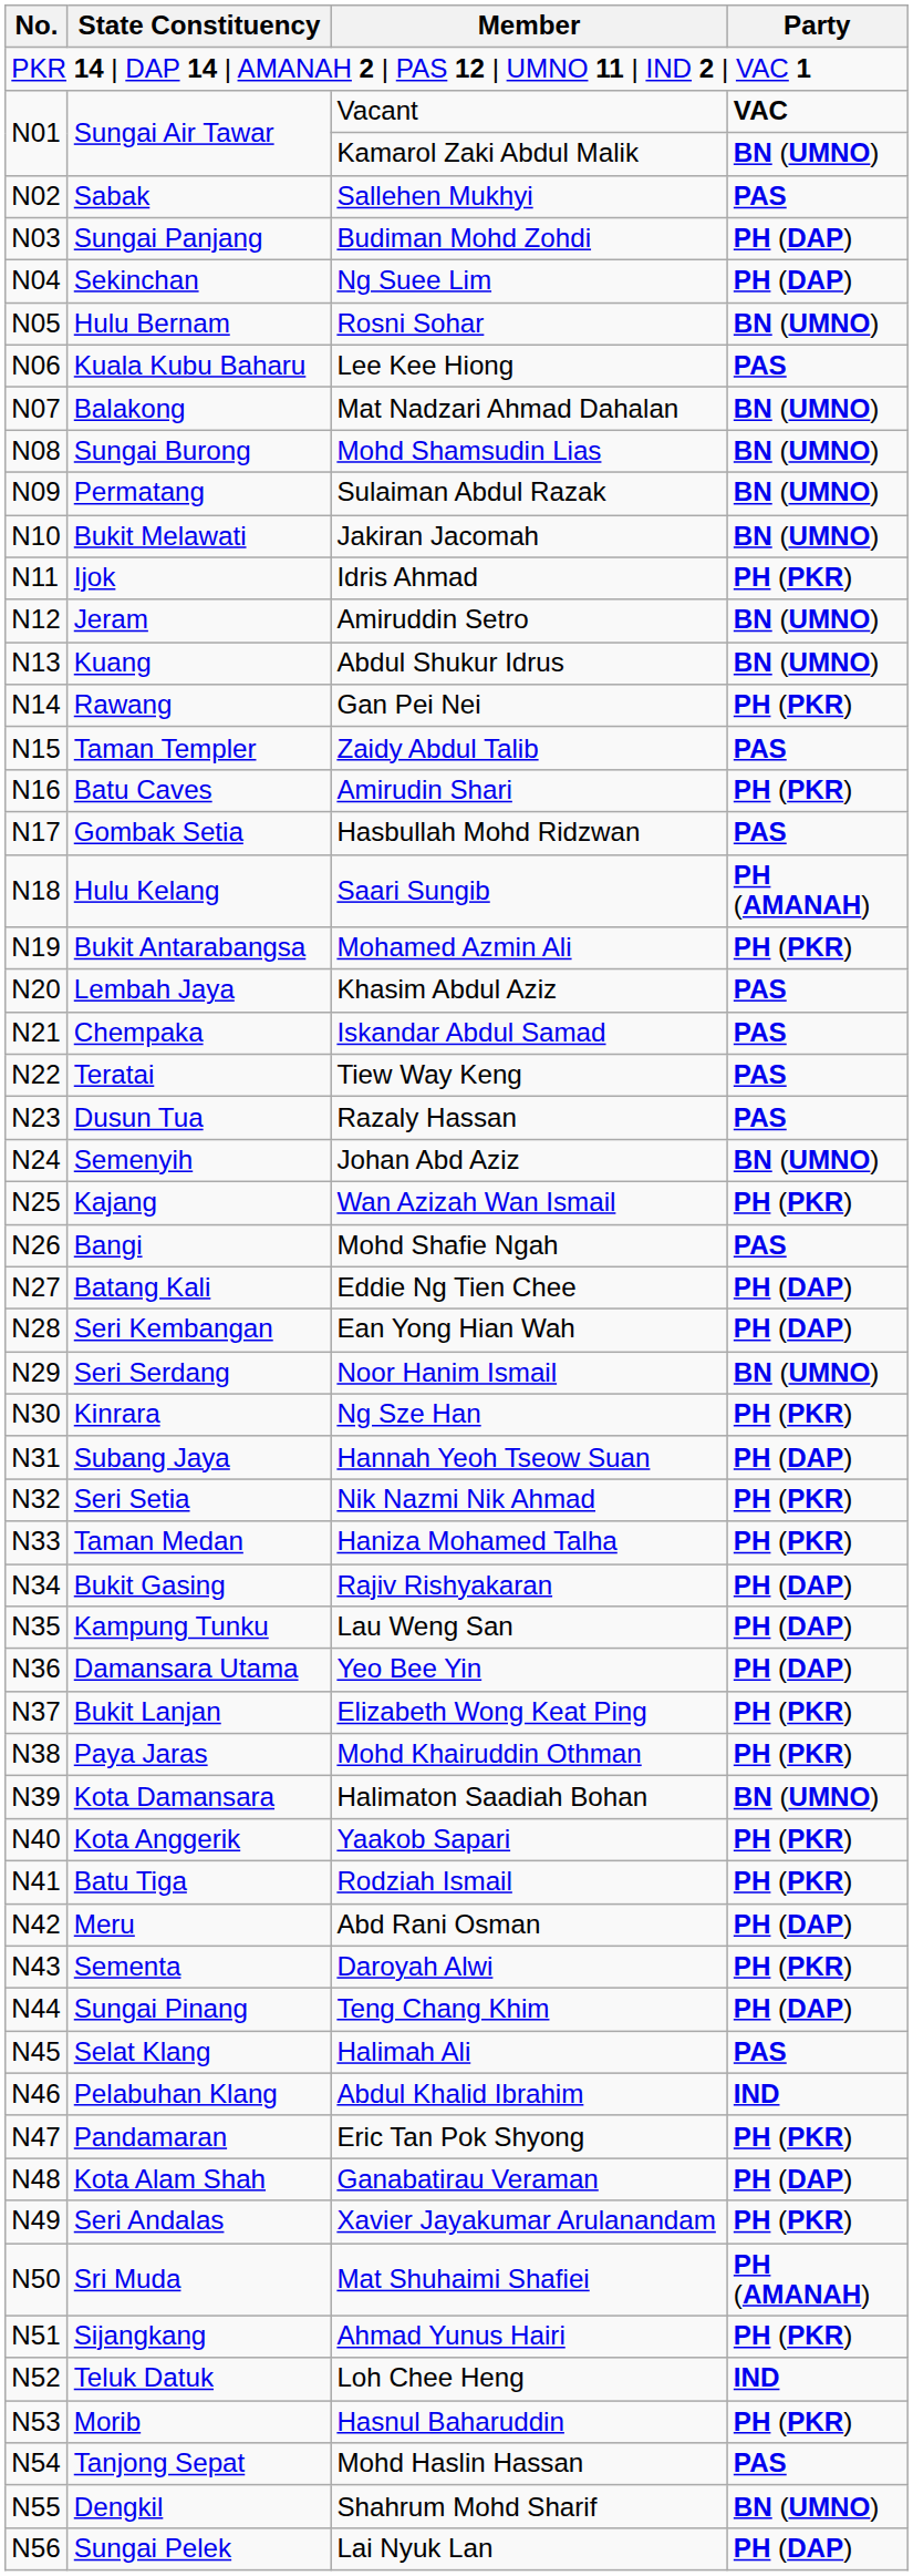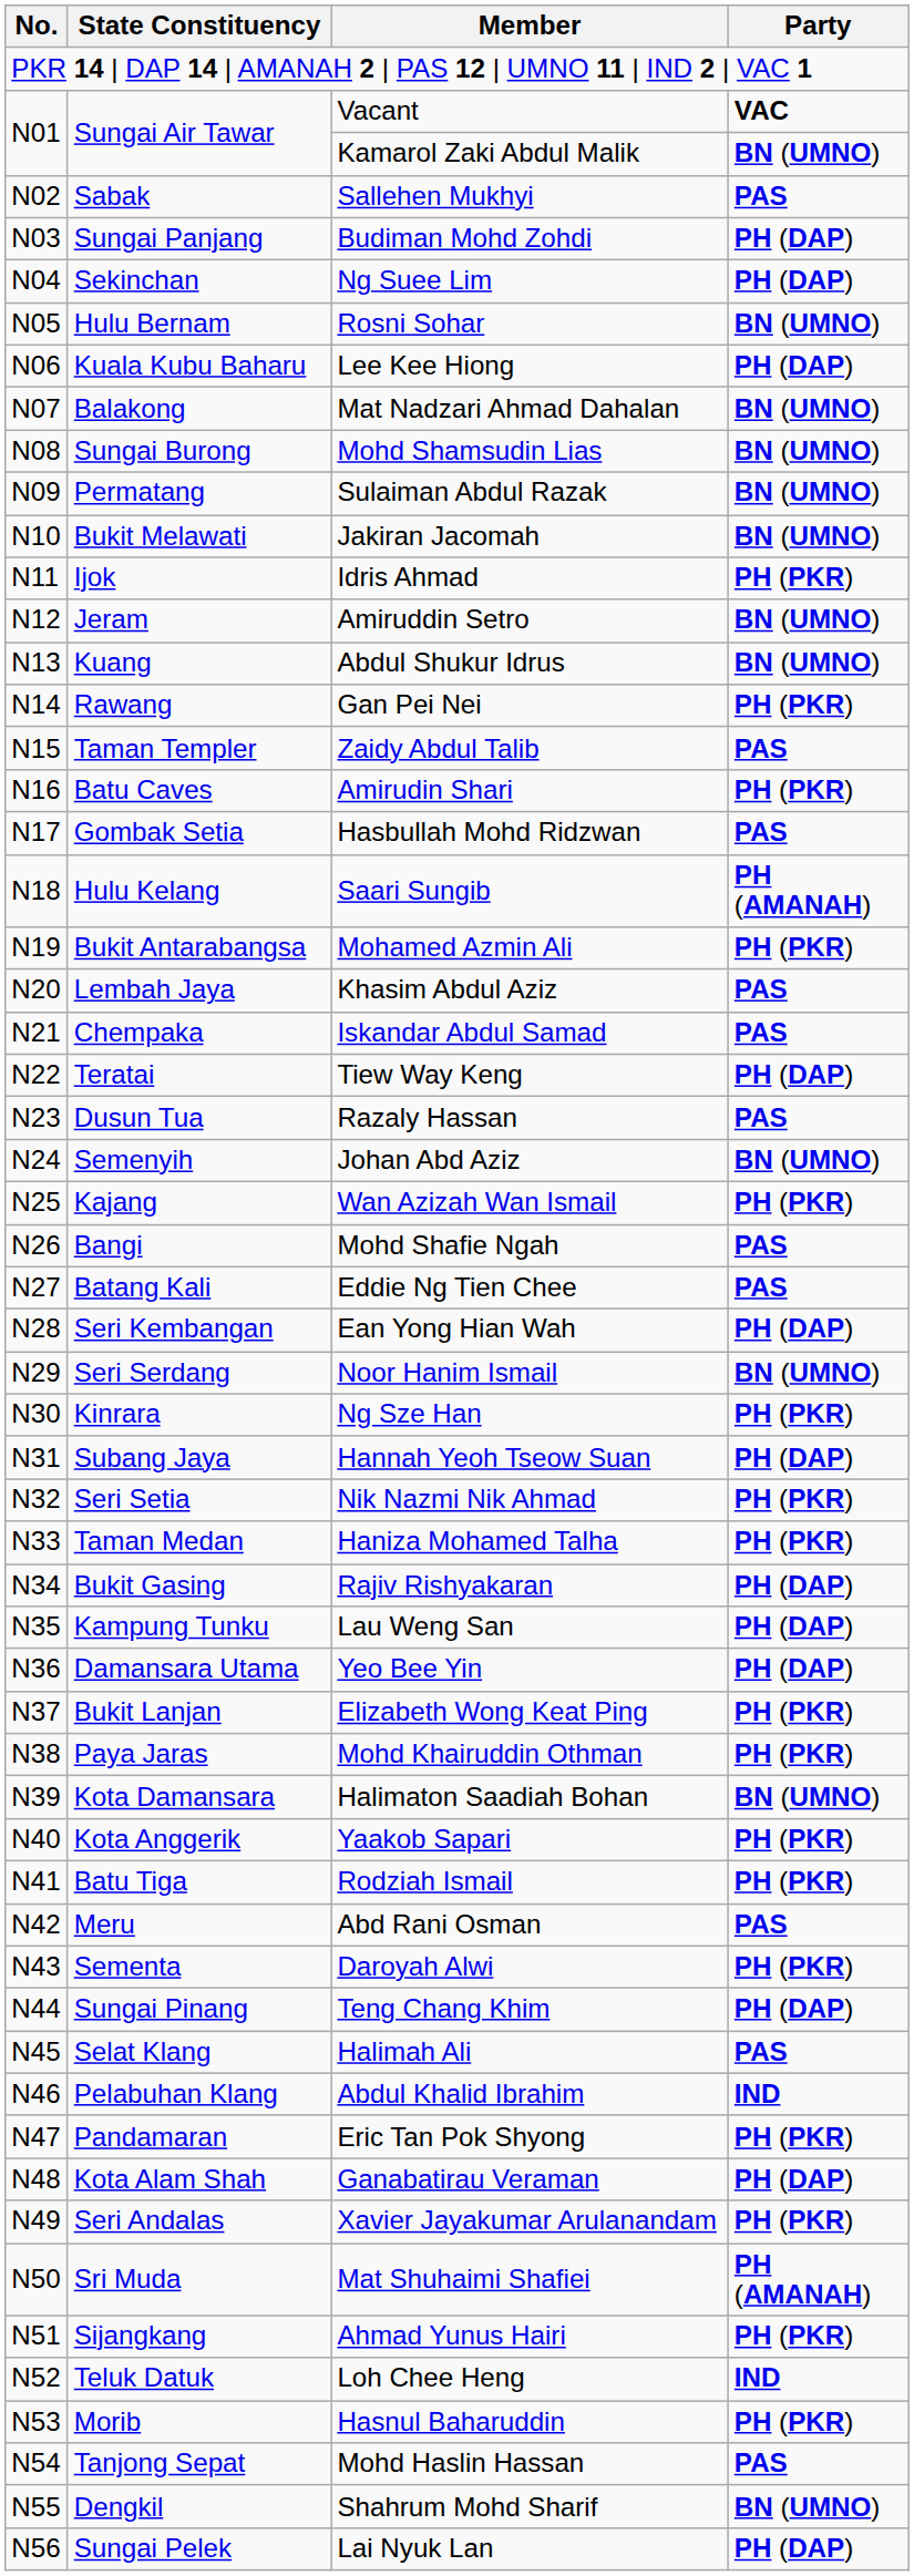 <table class="wikitable sortable">
 <tr>
 <th style="width:30px;">No.</th>
 <th style="width:150px;">State Constituency</th>
 <th style="width:230px;">Member</th>
 <th style="width:100px;">Party</th>
 </tr>
 <tr>
 <td colspan="4"><a href='#'>PKR</a> <strong>14</strong> | <a href='#'>DAP</a> <strong>14</strong> | <a href='#'>AMANAH</a> <strong>2</strong> | <a href='#'>PAS</a> <strong>12</strong> | <a href='#'>UMNO</a> <strong>11</strong>  | <a href='#'>IND</a> <strong>2</strong> | <a href='#'>VAC</a> <strong>1</strong></td>
 </tr>
 <tr>
 <td rowspan=2>N01</td>
 <td rowspan=2><a href='#'>Sungai Air Tawar</a></td>
 <td>Vacant  </td>
 <td><strong>VAC</strong></td>
 </tr>
 <tr>
 <td>Kamarol Zaki Abdul Malik  </td>
 <td><strong><a href='#'>BN</a></strong> (<strong><a href='#'>UMNO</a></strong>)</td>
 </tr>
 <tr>
 <td>N02</td>
 <td><a href='#'>Sabak</a></td>
 <td><a href='#'>Sallehen Mukhyi</a></td>
 <td><strong><a href='#'>PAS</a></strong></td>
 </tr>
 <tr>
 <td>N03</td>
 <td><a href='#'>Sungai Panjang</a></td>
 <td><a href='#'>Budiman Mohd Zohdi</a></td>
 <td><strong><a href='#'>PH</a></strong> (<strong><a href='#'>DAP</a></strong>)</td>
 </tr>
 <tr>
 <td>N04</td>
 <td><a href='#'>Sekinchan</a></td>
 <td><a href='#'>Ng Suee Lim</a></td>
 <td><strong><a href='#'>PH</a></strong> (<strong><a href='#'>DAP</a></strong>)</td>
 </tr>
 <tr>
 <td>N05</td>
 <td><a href='#'>Hulu Bernam</a></td>
 <td><a href='#'>Rosni Sohar</a></td>
 <td><strong><a href='#'>BN</a></strong> (<strong><a href='#'>UMNO</a></strong>)</td>
 </tr>
 <tr>
 <td>N06</td>
 <td><a href='#'>Kuala Kubu Baharu</a></td>
 <td>Lee Kee Hiong</td>
-<td><strong><a href='#'>PAS</a></strong></td>
+<td><strong><a href='#'>PH</a></strong> (<strong><a href='#'>DAP</a></strong>)</td>
 </tr>
 <tr>
 <td>N07</td>
 <td><a href='#'>Balakong</a></td>
 <td>Mat Nadzari Ahmad Dahalan</td>
 <td><strong><a href='#'>BN</a></strong> (<strong><a href='#'>UMNO</a></strong>)</td>
 </tr>
 <tr>
 <td>N08</td>
 <td><a href='#'>Sungai Burong</a></td>
 <td><a href='#'>Mohd Shamsudin Lias</a></td>
 <td><strong><a href='#'>BN</a></strong> (<strong><a href='#'>UMNO</a></strong>)</td>
 </tr>
 <tr>
 <td>N09</td>
 <td><a href='#'>Permatang</a></td>
 <td>Sulaiman Abdul Razak</td>
 <td><strong><a href='#'>BN</a></strong> (<strong><a href='#'>UMNO</a></strong>)</td>
 </tr>
 <tr>
 <td>N10</td>
 <td><a href='#'>Bukit Melawati</a></td>
 <td>Jakiran Jacomah</td>
 <td><strong><a href='#'>BN</a></strong> (<strong><a href='#'>UMNO</a></strong>)</td>
 </tr>
 <tr>
 <td>N11</td>
 <td><a href='#'>Ijok</a></td>
 <td>Idris Ahmad</td>
 <td><strong><a href='#'>PH</a></strong> (<strong><a href='#'>PKR</a></strong>)</td>
 </tr>
 <tr>
 <td>N12</td>
 <td><a href='#'>Jeram</a></td>
 <td>Amiruddin Setro</td>
 <td><strong><a href='#'>BN</a></strong> (<strong><a href='#'>UMNO</a></strong>)</td>
 </tr>
 <tr>
 <td>N13</td>
 <td><a href='#'>Kuang</a></td>
 <td>Abdul Shukur Idrus</td>
 <td><strong><a href='#'>BN</a></strong> (<strong><a href='#'>UMNO</a></strong>)</td>
 </tr>
 <tr>
 <td>N14</td>
 <td><a href='#'>Rawang</a></td>
 <td>Gan Pei Nei</td>
 <td><strong><a href='#'>PH</a></strong> (<strong><a href='#'>PKR</a></strong>)</td>
 </tr>
 <tr>
 <td>N15</td>
 <td><a href='#'>Taman Templer</a></td>
 <td><a href='#'>Zaidy Abdul Talib</a></td>
 <td><strong><a href='#'>PAS</a></strong></td>
 </tr>
 <tr>
 <td>N16</td>
 <td><a href='#'>Batu Caves</a></td>
 <td><a href='#'>Amirudin Shari</a></td>
 <td><strong><a href='#'>PH</a></strong> (<strong><a href='#'>PKR</a></strong>)</td>
 </tr>
 <tr>
 <td>N17</td>
 <td><a href='#'>Gombak Setia</a></td>
 <td>Hasbullah Mohd Ridzwan</td>
 <td><strong><a href='#'>PAS</a></strong></td>
 </tr>
 <tr>
 <td>N18</td>
 <td><a href='#'>Hulu Kelang</a></td>
 <td><a href='#'>Saari Sungib</a></td>
 <td><strong><a href='#'>PH</a></strong> (<strong><a href='#'>AMANAH</a></strong>)</td>
 </tr>
 <tr>
 <td>N19</td>
 <td><a href='#'>Bukit Antarabangsa</a></td>
 <td><a href='#'>Mohamed Azmin Ali</a></td>
 <td><strong><a href='#'>PH</a></strong> (<strong><a href='#'>PKR</a></strong>)</td>
 </tr>
 <tr>
 <td>N20</td>
 <td><a href='#'>Lembah Jaya</a></td>
 <td>Khasim Abdul Aziz</td>
 <td><strong><a href='#'>PAS</a></strong></td>
 </tr>
 <tr>
 <td>N21</td>
 <td><a href='#'>Chempaka</a></td>
 <td><a href='#'>Iskandar Abdul Samad</a></td>
 <td><strong><a href='#'>PAS</a></strong></td>
 </tr>
 <tr>
 <td>N22</td>
 <td><a href='#'>Teratai</a></td>
 <td>Tiew Way Keng</td>
-<td><strong><a href='#'>PAS</a></strong></td>
+<td><strong><a href='#'>PH</a></strong> (<strong><a href='#'>DAP</a></strong>)</td>
 </tr>
 <tr>
 <td>N23</td>
 <td><a href='#'>Dusun Tua</a></td>
 <td>Razaly Hassan</td>
 <td><strong><a href='#'>PAS</a></strong></td>
 </tr>
 <tr>
 <td>N24</td>
 <td><a href='#'>Semenyih</a></td>
 <td>Johan Abd Aziz</td>
 <td><strong><a href='#'>BN</a></strong> (<strong><a href='#'>UMNO</a></strong>)</td>
 </tr>
 <tr>
 <td>N25</td>
 <td><a href='#'>Kajang</a></td>
 <td><a href='#'>Wan Azizah Wan Ismail</a></td>
 <td><strong><a href='#'>PH</a></strong> (<strong><a href='#'>PKR</a></strong>)</td>
 </tr>
 <tr>
 <td>N26</td>
 <td><a href='#'>Bangi</a></td>
 <td>Mohd Shafie Ngah</td>
 <td><strong><a href='#'>PAS</a></strong></td>
 </tr>
 <tr>
 <td>N27</td>
 <td><a href='#'>Batang Kali</a></td>
 <td>Eddie Ng Tien Chee</td>
-<td><strong><a href='#'>PH</a></strong> (<strong><a href='#'>DAP</a></strong>)</td>
+<td><strong><a href='#'>PAS</a></strong></td>
 </tr>
 <tr>
 <td>N28</td>
 <td><a href='#'>Seri Kembangan</a></td>
 <td>Ean Yong Hian Wah</td>
 <td><strong><a href='#'>PH</a></strong> (<strong><a href='#'>DAP</a></strong>)</td>
 </tr>
 <tr>
 <td>N29</td>
 <td><a href='#'>Seri Serdang</a></td>
 <td><a href='#'>Noor Hanim Ismail</a></td>
 <td><strong><a href='#'>BN</a></strong> (<strong><a href='#'>UMNO</a></strong>)</td>
 </tr>
 <tr>
 <td>N30</td>
 <td><a href='#'>Kinrara</a></td>
 <td><a href='#'>Ng Sze Han</a></td>
 <td><strong><a href='#'>PH</a></strong> (<strong><a href='#'>PKR</a></strong>)</td>
 </tr>
 <tr>
 <td>N31</td>
 <td><a href='#'>Subang Jaya</a></td>
 <td><a href='#'>Hannah Yeoh Tseow Suan</a></td>
 <td><strong><a href='#'>PH</a></strong> (<strong><a href='#'>DAP</a></strong>)</td>
 </tr>
 <tr>
 <td>N32</td>
 <td><a href='#'>Seri Setia</a></td>
 <td><a href='#'>Nik Nazmi Nik Ahmad</a></td>
 <td><strong><a href='#'>PH</a></strong> (<strong><a href='#'>PKR</a></strong>)</td>
 </tr>
 <tr>
 <td>N33</td>
 <td><a href='#'>Taman Medan</a></td>
 <td><a href='#'>Haniza Mohamed Talha</a></td>
 <td><strong><a href='#'>PH</a></strong> (<strong><a href='#'>PKR</a></strong>)</td>
 </tr>
 <tr>
 <td>N34</td>
 <td><a href='#'>Bukit Gasing</a></td>
 <td><a href='#'>Rajiv Rishyakaran</a></td>
 <td><strong><a href='#'>PH</a></strong> (<strong><a href='#'>DAP</a></strong>)</td>
 </tr>
 <tr>
 <td>N35</td>
 <td><a href='#'>Kampung Tunku</a></td>
 <td>Lau Weng San</td>
 <td><strong><a href='#'>PH</a></strong> (<strong><a href='#'>DAP</a></strong>)</td>
 </tr>
 <tr>
 <td>N36</td>
 <td><a href='#'>Damansara Utama</a></td>
 <td><a href='#'>Yeo Bee Yin</a></td>
 <td><strong><a href='#'>PH</a></strong> (<strong><a href='#'>DAP</a></strong>)</td>
 </tr>
 <tr>
 <td>N37</td>
 <td><a href='#'>Bukit Lanjan</a></td>
 <td><a href='#'>Elizabeth Wong Keat Ping</a></td>
 <td><strong><a href='#'>PH</a></strong> (<strong><a href='#'>PKR</a></strong>)</td>
 </tr>
 <tr>
 <td>N38</td>
 <td><a href='#'>Paya Jaras</a></td>
 <td><a href='#'>Mohd Khairuddin Othman</a></td>
 <td><strong><a href='#'>PH</a></strong> (<strong><a href='#'>PKR</a></strong>)</td>
 </tr>
 <tr>
 <td>N39</td>
 <td><a href='#'>Kota Damansara</a></td>
 <td>Halimaton Saadiah Bohan</td>
 <td><strong><a href='#'>BN</a></strong> (<strong><a href='#'>UMNO</a></strong>)</td>
 </tr>
 <tr>
 <td>N40</td>
 <td><a href='#'>Kota Anggerik</a></td>
 <td><a href='#'>Yaakob Sapari</a></td>
 <td><strong><a href='#'>PH</a></strong> (<strong><a href='#'>PKR</a></strong>)</td>
 </tr>
 <tr>
 <td>N41</td>
 <td><a href='#'>Batu Tiga</a></td>
 <td><a href='#'>Rodziah Ismail</a></td>
 <td><strong><a href='#'>PH</a></strong> (<strong><a href='#'>PKR</a></strong>)</td>
 </tr>
 <tr>
 <td>N42</td>
 <td><a href='#'>Meru</a></td>
 <td>Abd Rani Osman</td>
-<td><strong><a href='#'>PH</a></strong> (<strong><a href='#'>DAP</a></strong>)</td>
+<td><strong><a href='#'>PAS</a></strong></td>
 </tr>
 <tr>
 <td>N43</td>
 <td><a href='#'>Sementa</a></td>
 <td><a href='#'>Daroyah Alwi</a></td>
 <td><strong><a href='#'>PH</a></strong> (<strong><a href='#'>PKR</a></strong>)</td>
 </tr>
 <tr>
 <td>N44</td>
 <td><a href='#'>Sungai Pinang</a></td>
 <td><a href='#'>Teng Chang Khim</a></td>
 <td><strong><a href='#'>PH</a></strong> (<strong><a href='#'>DAP</a></strong>)</td>
 </tr>
 <tr>
 <td>N45</td>
 <td><a href='#'>Selat Klang</a></td>
 <td><a href='#'>Halimah Ali</a></td>
 <td><strong><a href='#'>PAS</a></strong></td>
 </tr>
 <tr>
 <td>N46</td>
 <td><a href='#'>Pelabuhan Klang</a></td>
 <td><a href='#'>Abdul Khalid Ibrahim</a></td>
 <td><strong><a href='#'>IND</a></strong></td>
 </tr>
 <tr>
 <td>N47</td>
 <td><a href='#'>Pandamaran</a></td>
 <td>Eric Tan Pok Shyong</td>
 <td><strong><a href='#'>PH</a></strong> (<strong><a href='#'>PKR</a></strong>)</td>
 </tr>
 <tr>
 <td>N48</td>
 <td><a href='#'>Kota Alam Shah</a></td>
 <td><a href='#'>Ganabatirau Veraman</a></td>
 <td><strong><a href='#'>PH</a></strong> (<strong><a href='#'>DAP</a></strong>)</td>
 </tr>
 <tr>
 <td>N49</td>
 <td><a href='#'>Seri Andalas</a></td>
 <td><a href='#'>Xavier Jayakumar Arulanandam</a></td>
 <td><strong><a href='#'>PH</a></strong> (<strong><a href='#'>PKR</a></strong>)</td>
 </tr>
 <tr>
 <td>N50</td>
 <td><a href='#'>Sri Muda</a></td>
 <td><a href='#'>Mat Shuhaimi Shafiei</a></td>
 <td><strong><a href='#'>PH</a></strong> (<strong><a href='#'>AMANAH</a></strong>)</td>
 </tr>
 <tr>
 <td>N51</td>
 <td><a href='#'>Sijangkang</a></td>
 <td><a href='#'>Ahmad Yunus Hairi</a></td>
 <td><strong><a href='#'>PH</a></strong> (<strong><a href='#'>PKR</a></strong>)</td>
 </tr>
 <tr>
 <td>N52</td>
 <td><a href='#'>Teluk Datuk</a></td>
 <td>Loh Chee Heng</td>
 <td><strong><a href='#'>IND</a></strong></td>
 </tr>
 <tr>
 <td>N53</td>
 <td><a href='#'>Morib</a></td>
 <td><a href='#'>Hasnul Baharuddin</a></td>
 <td><strong><a href='#'>PH</a></strong> (<strong><a href='#'>PKR</a></strong>)</td>
 </tr>
 <tr>
 <td>N54</td>
 <td><a href='#'>Tanjong Sepat</a></td>
 <td>Mohd Haslin Hassan</td>
 <td><strong><a href='#'>PAS</a></strong></td>
 </tr>
 <tr>
 <td>N55</td>
 <td><a href='#'>Dengkil</a></td>
 <td>Shahrum Mohd Sharif</td>
 <td><strong><a href='#'>BN</a></strong> (<strong><a href='#'>UMNO</a></strong>)</td>
 </tr>
 <tr>
 <td>N56</td>
 <td><a href='#'>Sungai Pelek</a></td>
 <td>Lai Nyuk Lan</td>
 <td><strong><a href='#'>PH</a></strong> (<strong><a href='#'>DAP</a></strong>)</td>
 </tr>
 </table>
